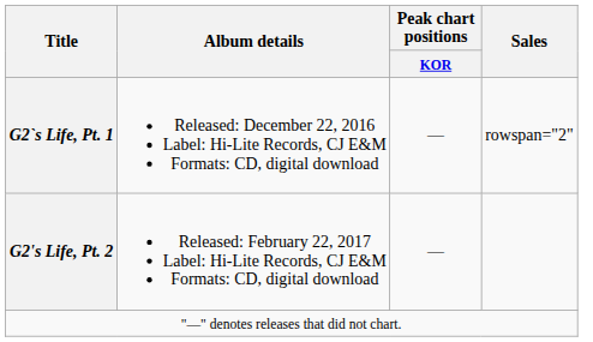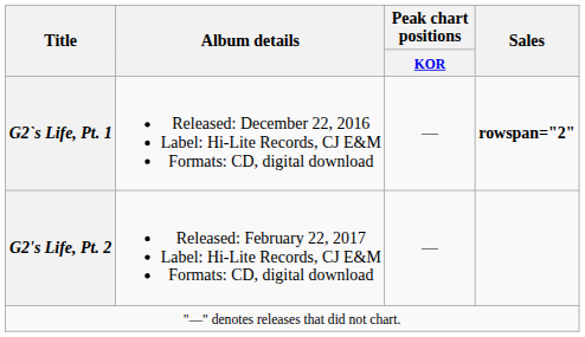 <table class="wikitable plainrowheaders" style="text-align:center;">
 <tr>
 <th scope="col" rowspan="2">Title</th>
 <th scope="col" rowspan="2">Album details</th>
 <th scope="col" colspan="1" style="width:5em;">Peak chart positions</th>
 <th scope="col" rowspan="2">Sales</th>
 </tr>
 <tr>
 <th><small><a href='#'>KOR</a></small><br></th>
 </tr>
 <tr>
 <th scope="row"><em>G2`s Life, Pt. 1</em></th>
 <td><br><ul><li>Released: December 22, 2016</li><li>Label: Hi-Lite Records, CJ E&M</li><li>Formats: CD, digital download</li></ul></td>
 <td>—</td>
-<td>rowspan="2" </td>
+<td><strong>rowspan="2" </strong></td>
 </tr>
 <tr>
 <th scope="row"><em>G2's Life, Pt. 2</em></th>
 <td><br><ul><li>Released: February 22, 2017</li><li>Label: Hi-Lite Records, CJ E&M</li><li>Formats: CD, digital download</li></ul></td>
 <td>—</td>
 </tr>
 <tr>
 <td colspan="4" align="center"><small>"—" denotes releases that did not chart.</small></td>
 </tr>
 </table>
